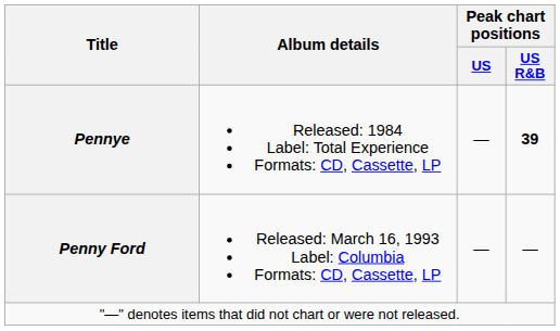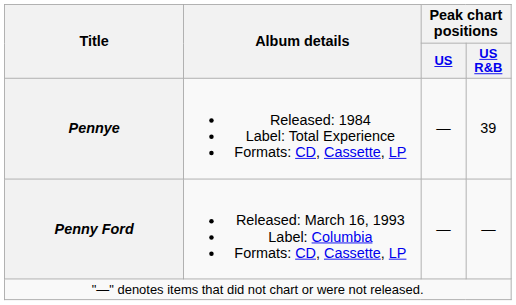 <table class="wikitable plainrowheaders" style="text-align:center;">
 <tr>
 <th scope="col" rowspan="2" style="width:12em;">Title</th>
 <th scope="col" rowspan="2" style="width:16em;">Album details</th>
 <th scope="col" colspan="2">Peak chart positions</th>
 </tr>
 <tr>
 <th scope="col" style="width:3em;font-size:90%;"><a href='#'>US</a></th>
 <th scope="col" style="width:3em;font-size:90%;"><a href='#'>US<br>R&B</a></th>
 </tr>
 <tr>
 <th scope="row"><em>Pennye</em></th>
 <td><br><ul><li>Released: 1984</li><li>Label: Total Experience</li><li>Formats: <a href='#'>CD</a>, <a href='#'>Cassette</a>, <a href='#'>LP</a></li></ul></td>
 <td>—</td>
-<td><strong>39</strong></td>
+<td>39</td>
 </tr>
 <tr>
 <th scope="row"><em>Penny Ford</em></th>
 <td><br><ul><li>Released: March 16, 1993</li><li>Label: <a href='#'>Columbia</a></li><li>Formats: <a href='#'>CD</a>, <a href='#'>Cassette</a>, <a href='#'>LP</a></li></ul></td>
 <td>—</td>
 <td>—</td>
 </tr>
 <tr>
 <td colspan="15" style="text-align:center; font-size:90%;">"—" denotes items that did not chart or were not released.</td>
 </tr>
 </table>
